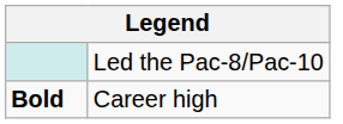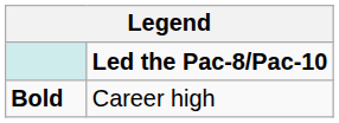 <table class="wikitable">
 <tr>
 <th colspan="2">Legend</th>
 </tr>
 <tr>
 <td style="background:#cfecec; width:3em;"></td>
-<td>Led the Pac-8/Pac-10</td>
+<td><strong>Led the Pac-8/Pac-10</strong></td>
 </tr>
 <tr>
 <td><strong>Bold</strong></td>
 <td>Career high</td>
 </tr>
 </table>
